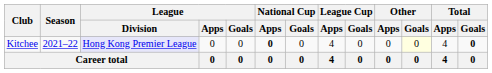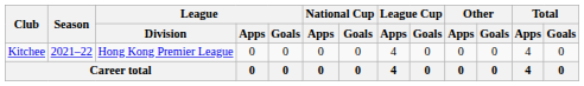 <table class="wikitable" style="text-align: center">
 <tr>
 <th rowspan="2">Club</th>
 <th rowspan="2">Season</th>
 <th colspan="3">League</th>
 <th colspan="2">National Cup</th>
 <th colspan="2">League Cup</th>
 <th colspan="2">Other</th>
 <th colspan="2">Total</th>
 </tr>
 <tr>
 <th>Division</th>
 <th>Apps</th>
 <th>Goals</th>
 <th>Apps</th>
 <th>Goals</th>
 <th>Apps</th>
 <th>Goals</th>
 <th>Apps</th>
 <th>Goals</th>
 <th>Apps</th>
 <th>Goals</th>
 </tr>
 <tr>
 <td><a href='#'>Kitchee</a></td>
 <td><a href='#'>2021–22</a></td>
-<td style="background: lavender;"><a href='#'>Hong Kong Premier League</a></td>
+<td><a href='#'>Hong Kong Premier League</a></td>
 <td>0</td>
 <td>0</td>
-<td><strong>0</strong></td>
+<td>0</td>
 <td>0</td>
 <td>4</td>
 <td>0</td>
 <td>0</td>
-<td style="background: lightyellow;">0</td>
+<td>0</td>
 <td>4</td>
-<td><strong>0</strong></td>
+<td>0</td>
 </tr>
 <tr>
 <th colspan=3>Career total</th>
 <th>0</th>
 <th>0</th>
 <th>0</th>
 <th>0</th>
 <th>4</th>
 <th>0</th>
 <th>0</th>
 <th>0</th>
 <th>4</th>
 <th>0</th>
 </tr>
 </table>
